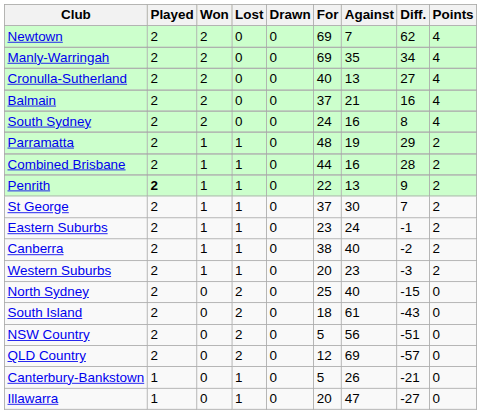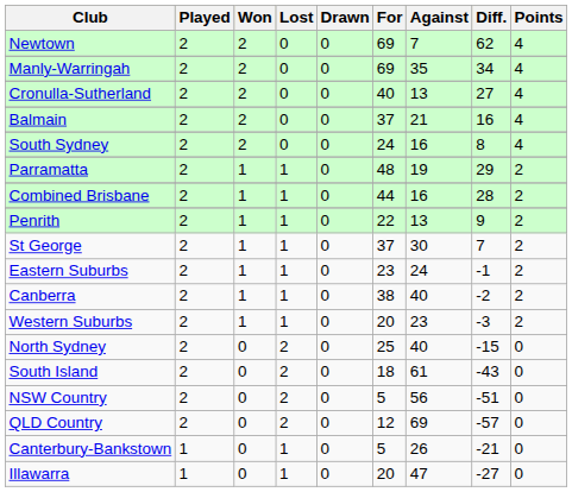 <table class="wikitable">
 <tr style="background:#bdb76b;">
 <th>Club</th>
 <th>Played</th>
 <th>Won</th>
 <th>Lost</th>
 <th>Drawn</th>
 <th>For</th>
 <th>Against</th>
 <th>Diff.</th>
 <th>Points</th>
 </tr>
 <tr style="background:#cfc;">
 <td> <a href='#'>Newtown</a></td>
 <td>2</td>
 <td>2</td>
 <td>0</td>
 <td>0</td>
 <td>69</td>
 <td>7</td>
 <td>62</td>
 <td>4</td>
 </tr>
 <tr>
 </tr>
 <tr style="background:#cfc;">
 <td> <a href='#'>Manly-Warringah</a></td>
 <td>2</td>
 <td>2</td>
 <td>0</td>
 <td>0</td>
 <td>69</td>
 <td>35</td>
 <td>34</td>
 <td>4</td>
 </tr>
 <tr>
 </tr>
 <tr style="background:#cfc;">
 <td> <a href='#'>Cronulla-Sutherland</a></td>
 <td>2</td>
 <td>2</td>
 <td>0</td>
 <td>0</td>
 <td>40</td>
 <td>13</td>
 <td>27</td>
 <td>4</td>
 </tr>
 <tr>
 </tr>
 <tr style="background:#cfc;">
 <td> <a href='#'>Balmain</a></td>
 <td>2</td>
 <td>2</td>
 <td>0</td>
 <td>0</td>
 <td>37</td>
 <td>21</td>
 <td>16</td>
 <td>4</td>
 </tr>
 <tr>
 </tr>
 <tr style="background:#cfc;">
 <td> <a href='#'>South Sydney</a></td>
 <td>2</td>
 <td>2</td>
 <td>0</td>
 <td>0</td>
 <td>24</td>
 <td>16</td>
 <td>8</td>
 <td>4</td>
 </tr>
 <tr>
 </tr>
 <tr style="background:#cfc;">
 <td> <a href='#'>Parramatta</a></td>
 <td>2</td>
 <td>1</td>
 <td>1</td>
 <td>0</td>
 <td>48</td>
 <td>19</td>
 <td>29</td>
 <td>2</td>
 </tr>
 <tr>
 </tr>
 <tr style="background:#cfc;">
 <td> <a href='#'>Combined Brisbane</a></td>
 <td>2</td>
 <td>1</td>
 <td>1</td>
 <td>0</td>
 <td>44</td>
 <td>16</td>
 <td>28</td>
 <td>2</td>
 </tr>
 <tr>
 </tr>
 <tr style="background:#cfc;">
 <td> <a href='#'>Penrith</a></td>
-<td><strong>2</strong></td>
+<td>2</td>
 <td>1</td>
 <td>1</td>
 <td>0</td>
 <td>22</td>
 <td>13</td>
 <td>9</td>
 <td>2</td>
 </tr>
 <tr>
 <td> <a href='#'>St George</a></td>
 <td>2</td>
 <td>1</td>
 <td>1</td>
 <td>0</td>
 <td>37</td>
 <td>30</td>
 <td>7</td>
 <td>2</td>
 </tr>
 <tr>
 <td> <a href='#'>Eastern Suburbs</a></td>
 <td>2</td>
 <td>1</td>
 <td>1</td>
 <td>0</td>
 <td>23</td>
 <td>24</td>
 <td>-1</td>
 <td>2</td>
 </tr>
 <tr>
 <td> <a href='#'>Canberra</a></td>
 <td>2</td>
 <td>1</td>
 <td>1</td>
 <td>0</td>
 <td>38</td>
 <td>40</td>
 <td>-2</td>
 <td>2</td>
 </tr>
 <tr>
 <td> <a href='#'>Western Suburbs</a></td>
 <td>2</td>
 <td>1</td>
 <td>1</td>
 <td>0</td>
 <td>20</td>
 <td>23</td>
 <td>-3</td>
 <td>2</td>
 </tr>
 <tr>
 <td>  <a href='#'>North Sydney</a></td>
 <td>2</td>
 <td>0</td>
 <td>2</td>
 <td>0</td>
 <td>25</td>
 <td>40</td>
 <td>-15</td>
 <td>0</td>
 </tr>
 <tr>
 <td> <a href='#'>South Island</a></td>
 <td>2</td>
 <td>0</td>
 <td>2</td>
 <td>0</td>
 <td>18</td>
 <td>61</td>
 <td>-43</td>
 <td>0</td>
 </tr>
 <tr>
 <td> <a href='#'>NSW Country</a></td>
 <td>2</td>
 <td>0</td>
 <td>2</td>
 <td>0</td>
 <td>5</td>
 <td>56</td>
 <td>-51</td>
 <td>0</td>
 </tr>
 <tr>
 <td> <a href='#'>QLD Country</a></td>
 <td>2</td>
 <td>0</td>
 <td>2</td>
 <td>0</td>
 <td>12</td>
 <td>69</td>
 <td>-57</td>
 <td>0</td>
 </tr>
 <tr>
 <td> <a href='#'>Canterbury-Bankstown</a></td>
 <td>1</td>
 <td>0</td>
 <td>1</td>
 <td>0</td>
 <td>5</td>
 <td>26</td>
 <td>-21</td>
 <td>0</td>
 </tr>
 <tr>
 <td> <a href='#'>Illawarra</a></td>
 <td>1</td>
 <td>0</td>
 <td>1</td>
 <td>0</td>
 <td>20</td>
 <td>47</td>
 <td>-27</td>
 <td>0</td>
 </tr>
 </table>
